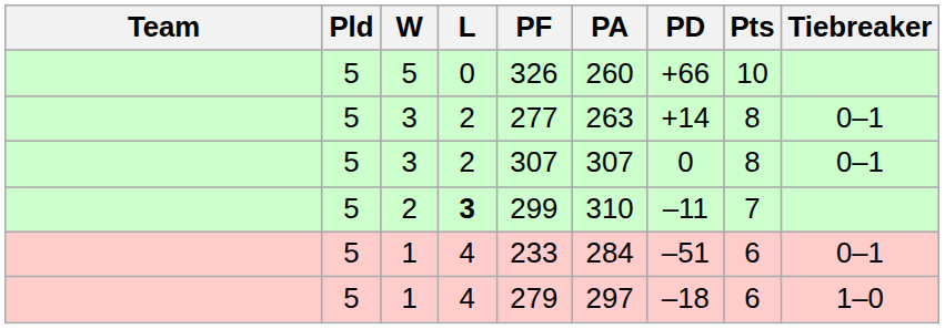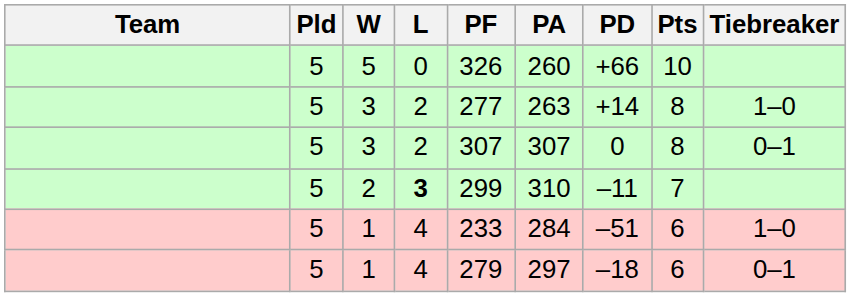 <table class="wikitable" style="text-align:center;">
 <tr>
 <th width=170>Team</th>
 <th width=25>Pld</th>
 <th width=25>W</th>
 <th width=25>L</th>
 <th width=35>PF</th>
 <th width=35>PA</th>
 <th width=35>PD</th>
 <th width=25>Pts</th>
 <th width=50>Tiebreaker</th>
 </tr>
 <tr bgcolor=ccffcc>
 <td align="left"></td>
 <td>5</td>
 <td>5</td>
 <td>0</td>
 <td>326</td>
 <td>260</td>
 <td>+66</td>
 <td>10</td>
 <td></td>
 </tr>
 <tr bgcolor=ccffcc>
 <td align="left"></td>
 <td>5</td>
 <td>3</td>
 <td>2</td>
 <td>277</td>
 <td>263</td>
 <td>+14</td>
 <td>8</td>
-<td>0–1</td>
+<td>1–0</td>
 </tr>
 <tr bgcolor=ccffcc>
 <td align="left"></td>
 <td>5</td>
 <td>3</td>
 <td>2</td>
 <td>307</td>
 <td>307</td>
 <td>0</td>
 <td>8</td>
 <td>0–1</td>
 </tr>
 <tr bgcolor=ccffcc>
 <td align="left"></td>
 <td>5</td>
 <td>2</td>
 <td><strong>3</strong></td>
 <td>299</td>
 <td>310</td>
 <td>–11</td>
 <td>7</td>
 <td></td>
 </tr>
 <tr bgcolor=ffcccc>
 <td align="left"></td>
 <td>5</td>
 <td>1</td>
 <td>4</td>
 <td>233</td>
 <td>284</td>
 <td>–51</td>
 <td>6</td>
-<td>0–1</td>
+<td>1–0</td>
 </tr>
 <tr bgcolor=ffcccc>
 <td align="left"></td>
 <td>5</td>
 <td>1</td>
 <td>4</td>
 <td>279</td>
 <td>297</td>
 <td>–18</td>
 <td>6</td>
-<td>1–0</td>
+<td>0–1</td>
 </tr>
 </table>
